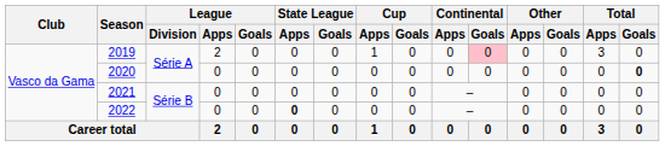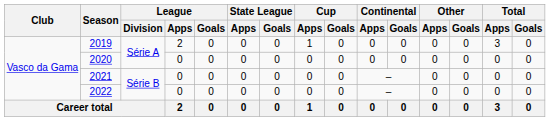 <table class="wikitable" style="text-align: center">
 <tr>
 <th rowspan="2">Club</th>
 <th rowspan="2">Season</th>
 <th colspan="3">League</th>
 <th colspan="2">State League</th>
 <th colspan="2">Cup</th>
 <th colspan="2">Continental</th>
 <th colspan="2">Other</th>
 <th colspan="2">Total</th>
 </tr>
 <tr>
 <th>Division</th>
 <th>Apps</th>
 <th>Goals</th>
 <th>Apps</th>
 <th>Goals</th>
 <th>Apps</th>
 <th>Goals</th>
 <th>Apps</th>
 <th>Goals</th>
 <th>Apps</th>
 <th>Goals</th>
 <th>Apps</th>
 <th>Goals</th>
 </tr>
 <tr>
 <td rowspan="4"><a href='#'>Vasco da Gama</a></td>
 <td><a href='#'>2019</a></td>
 <td rowspan="2"><a href='#'>Série A</a></td>
 <td>2</td>
 <td>0</td>
 <td>0</td>
 <td>0</td>
 <td>1</td>
 <td>0</td>
 <td>0</td>
-<td style="background: pink;">0</td>
+<td>0</td>
 <td>0</td>
 <td>0</td>
 <td>3</td>
 <td>0</td>
 </tr>
 <tr>
 <td><a href='#'>2020</a></td>
 <td>0</td>
 <td>0</td>
 <td>0</td>
 <td>0</td>
 <td>0</td>
 <td>0</td>
 <td>0</td>
 <td>0</td>
 <td>0</td>
 <td>0</td>
 <td>0</td>
-<td><strong>0</strong></td>
+<td>0</td>
 </tr>
 <tr>
 <td><a href='#'>2021</a></td>
 <td rowspan="2"><a href='#'>Série B</a></td>
 <td>0</td>
 <td>0</td>
 <td>0</td>
 <td>0</td>
 <td>0</td>
 <td>0</td>
 <td colspan="2">–</td>
 <td>0</td>
 <td>0</td>
 <td>0</td>
 <td>0</td>
 </tr>
 <tr>
 <td><a href='#'>2022</a></td>
 <td>0</td>
 <td>0</td>
-<td><strong>0</strong></td>
+<td>0</td>
 <td>0</td>
 <td>0</td>
 <td>0</td>
 <td colspan="2">–</td>
 <td>0</td>
 <td>0</td>
 <td>0</td>
 <td>0</td>
 </tr>
 <tr>
 <th colspan="3"><strong>Career total</strong></th>
 <th>2</th>
 <th>0</th>
 <th>0</th>
 <th>0</th>
 <th>1</th>
 <th>0</th>
 <th>0</th>
 <th>0</th>
 <th>0</th>
 <th>0</th>
 <th>3</th>
 <th>0</th>
 </tr>
 </table>
